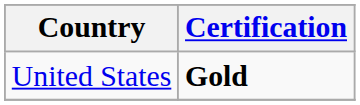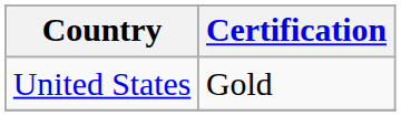 <table class="wikitable sortable">
 <tr>
 <th>Country</th>
 <th><a href='#'>Certification</a></th>
 </tr>
 <tr>
 <td><a href='#'>United States</a></td>
-<td><strong>Gold</strong></td>
+<td>Gold</td>
 </tr>
 <tr>
 </tr>
 </table>
